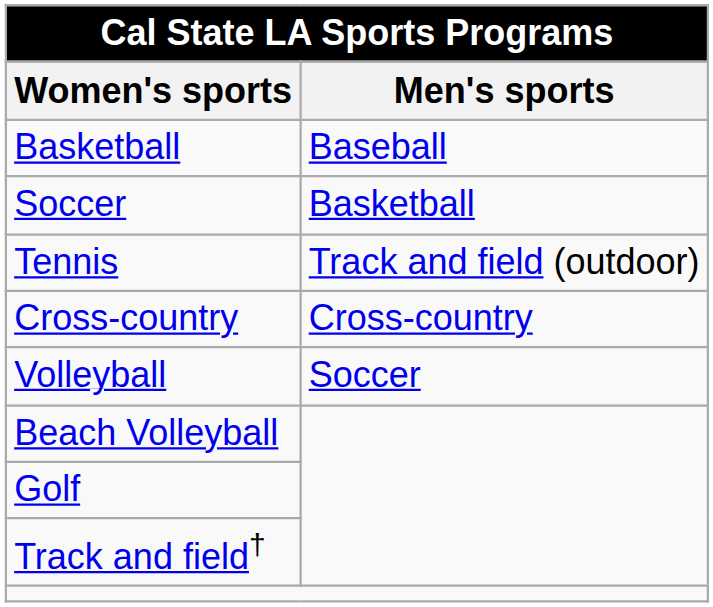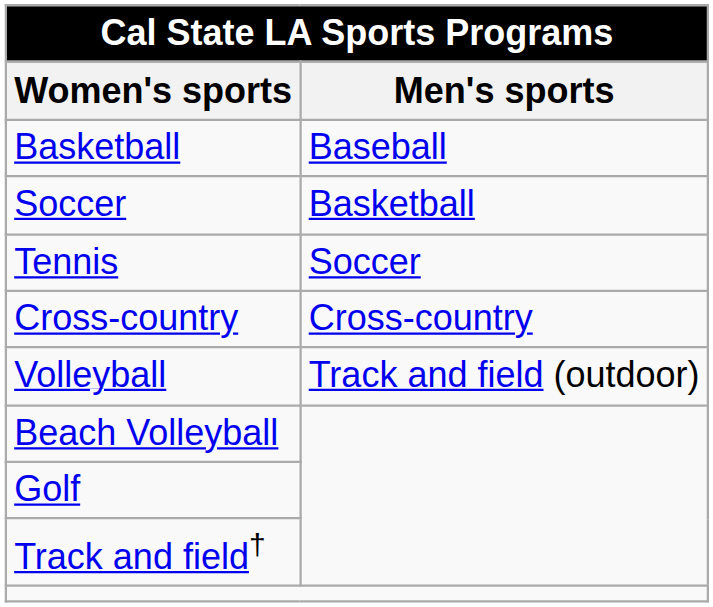 <table class="wikitable sortable collapsible collapsed" style="float:right" "text-align:center" class="wikitable sortable">
 <tr>
 <th colspan=4 style="background:#000000; color:#FFFFFF; ">Cal State LA Sports Programs</th>
 </tr>
 <tr>
 <th>Women's sports</th>
 <th>Men's sports</th>
 </tr>
 <tr>
 <td><a href='#'>Basketball</a></td>
 <td><a href='#'>Baseball</a></td>
 </tr>
 <tr>
 <td><a href='#'>Soccer</a></td>
 <td><a href='#'>Basketball</a></td>
 </tr>
 <tr>
 <td><a href='#'>Tennis</a></td>
-<td><a href='#'>Track and field</a> (outdoor)</td>
+<td><a href='#'>Soccer</a></td>
 </tr>
 <tr>
 <td><a href='#'>Cross-country</a></td>
 <td><a href='#'>Cross-country</a></td>
 </tr>
 <tr>
 <td><a href='#'>Volleyball</a></td>
-<td><a href='#'>Soccer</a></td>
+<td><a href='#'>Track and field</a> (outdoor)</td>
 </tr>
 <tr>
 <td><a href='#'>Beach Volleyball</a></td>
 </tr>
 <tr>
 <td><a href='#'>Golf</a></td>
 </tr>
 <tr>
 <td><a href='#'>Track and field</a><sup>†</sup></td>
 </tr>
 <tr>
 <td colspan="2"></td>
 </tr>
 </table>
